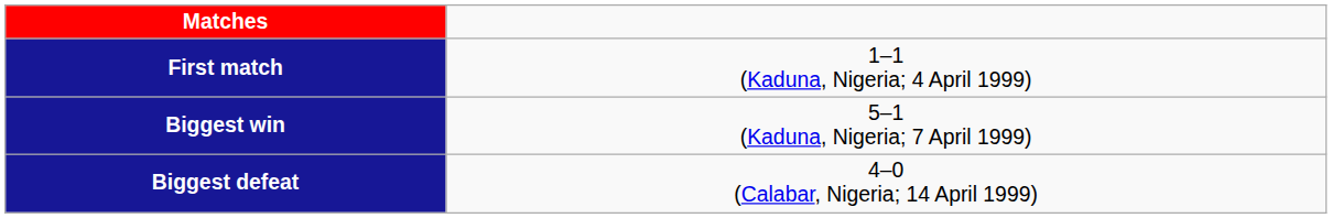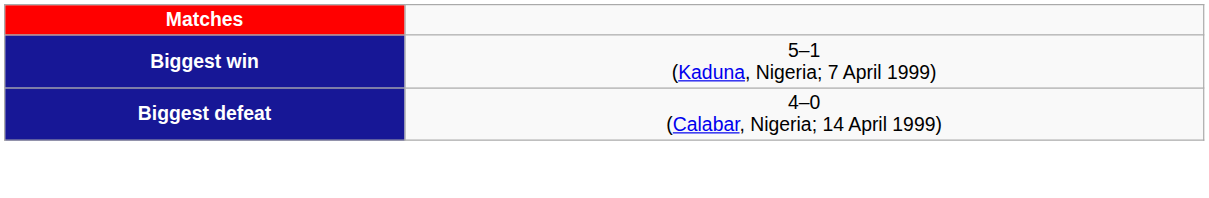 <table class="wikitable collapsible" style="width:50%; text-align:center;">
 <tr>
 <th style="background:#ff0000; color:white; "><strong>Matches</strong></th>
-</tr>
-<tr>
-<th style="background:#171796; color:white; ">First match</th>
-<td> 1–1 <br>(<a href='#'>Kaduna</a>, Nigeria; 4 April 1999)</td>
 </tr>
 <tr>
 <th style="background:#171796; color:white; ">Biggest win</th>
 <td> 5–1 <br>(<a href='#'>Kaduna</a>, Nigeria; 7 April 1999)</td>
 </tr>
 <tr>
 <th style="background:#171796; color:white; ">Biggest defeat</th>
 <td> 4–0 <br>(<a href='#'>Calabar</a>, Nigeria; 14 April 1999)</td>
 </tr>
 </table>
